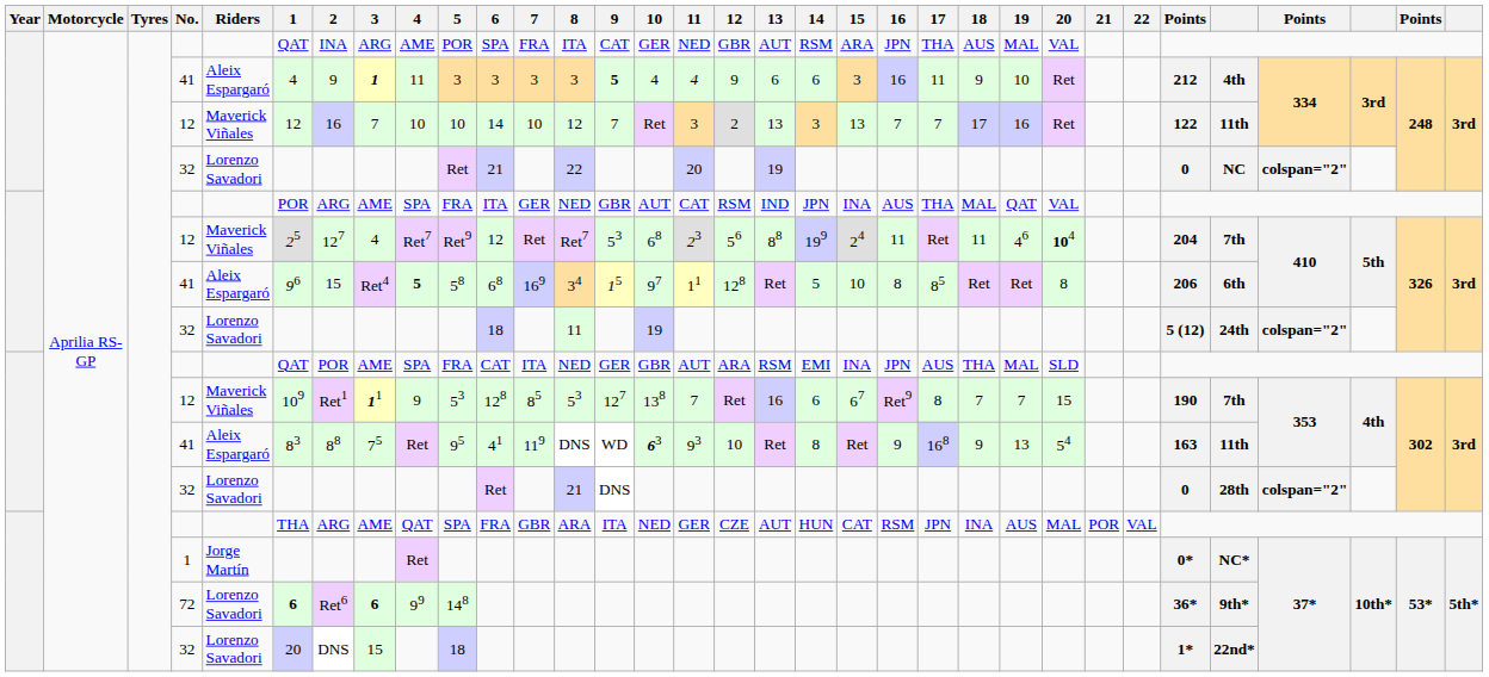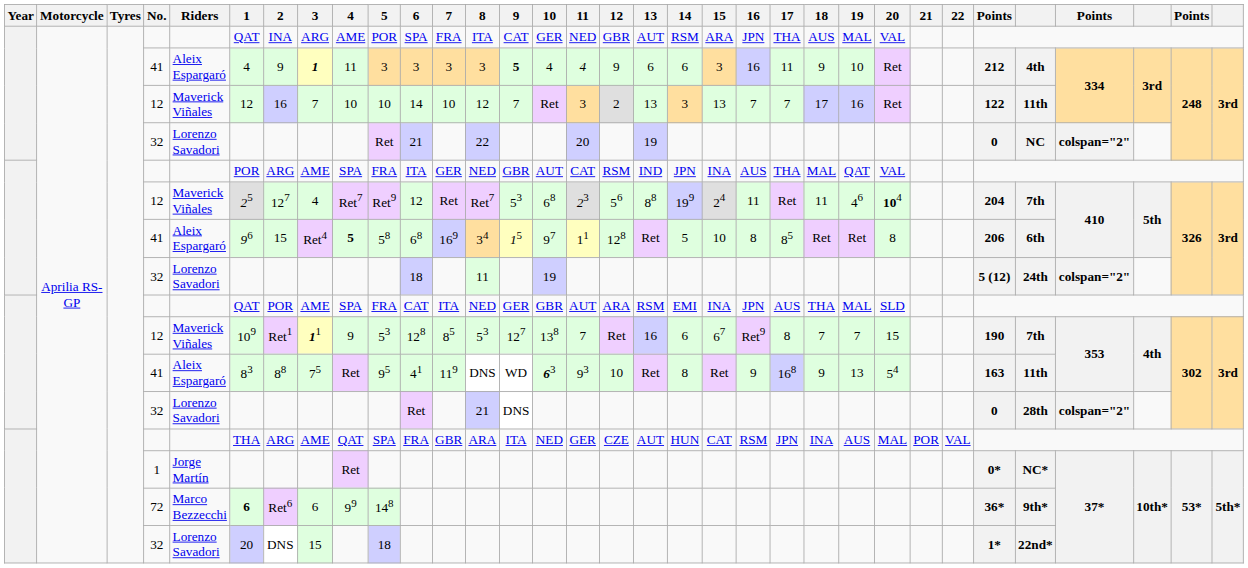 <table class="wikitable" style="text-align:center; font-size:95%;">
 <tr>
 <th>Year</th>
 <th>Motorcycle</th>
 <th>Tyres</th>
 <th>No.</th>
 <th>Riders</th>
 <th>1</th>
 <th>2</th>
 <th>3</th>
 <th>4</th>
 <th>5</th>
 <th>6</th>
 <th>7</th>
 <th>8</th>
 <th>9</th>
 <th>10</th>
 <th>11</th>
 <th>12</th>
 <th>13</th>
 <th>14</th>
 <th>15</th>
 <th>16</th>
 <th>17</th>
 <th>18</th>
 <th>19</th>
 <th>20</th>
 <th>21</th>
 <th>22</th>
 <th>Points</th>
 <th></th>
 <th>Points</th>
 <th></th>
 <th>Points</th>
 <th></th>
 </tr>
 <tr>
 <th rowspan="4"></th>
 <td rowspan="16"><a href='#'>Aprilia RS-GP</a></td>
 <td rowspan="16"></td>
 <td></td>
 <td></td>
 <td><a href='#'>QAT</a></td>
 <td><a href='#'>INA</a></td>
 <td><a href='#'>ARG</a></td>
 <td><a href='#'>AME</a></td>
 <td><a href='#'>POR</a></td>
 <td><a href='#'>SPA</a></td>
 <td><a href='#'>FRA</a></td>
 <td><a href='#'>ITA</a></td>
 <td><a href='#'>CAT</a></td>
 <td><a href='#'>GER</a></td>
 <td><a href='#'>NED</a></td>
 <td><a href='#'>GBR</a></td>
 <td><a href='#'>AUT</a></td>
 <td><a href='#'>RSM</a></td>
 <td><a href='#'>ARA</a></td>
 <td><a href='#'>JPN</a></td>
 <td><a href='#'>THA</a></td>
 <td><a href='#'>AUS</a></td>
 <td><a href='#'>MAL</a></td>
 <td><a href='#'>VAL</a></td>
 <td></td>
 <td></td>
 <td colspan="6"></td>
 </tr>
 <tr>
 <td>41</td>
 <td style="text-align:left;"> <a href='#'>Aleix Espargaró</a></td>
 <td style="background:#DFFFDF;">4</td>
 <td style="background:#DFFFDF;">9</td>
 <td style="background:#FFFFBF;"><strong><em>1</em></strong></td>
 <td style="background:#DFFFDF;">11</td>
 <td style="background:#FFDF9F;">3</td>
 <td style="background:#FFDF9F;">3</td>
 <td style="background:#FFDF9F;">3</td>
 <td style="background:#FFDF9F;">3</td>
 <td style="background:#DFFFDF;"><strong>5</strong></td>
 <td style="background:#DFFFDF;">4</td>
 <td style="background:#DFFFDF;"><em>4</em></td>
 <td style="background:#DFFFDF;">9</td>
 <td style="background:#DFFFDF;">6</td>
 <td style="background:#DFFFDF;">6</td>
 <td style="background:#FFDF9F;">3</td>
 <td style="background:#CFCFFF;">16</td>
 <td style="background:#DFFFDF;">11</td>
 <td style="background:#DFFFDF;">9</td>
 <td style="background:#DFFFDF;">10</td>
 <td style="background:#EFCFFF;">Ret</td>
 <td></td>
 <td></td>
 <th>212</th>
 <th>4th</th>
 <th rowspan="2" style="background:#FFDF9F;">334</th>
 <th rowspan="2" style="background:#FFDF9F;">3rd</th>
 <th rowspan="3" style="background:#FFDF9F;">248</th>
 <th rowspan="3" style="background:#FFDF9F;">3rd</th>
 </tr>
 <tr>
 <td>12</td>
 <td style="text-align:left;"> <a href='#'>Maverick Viñales</a></td>
 <td style="background:#DFFFDF;">12</td>
 <td style="background:#CFCFFF;">16</td>
 <td style="background:#DFFFDF;">7</td>
 <td style="background:#DFFFDF;">10</td>
 <td style="background:#DFFFDF;">10</td>
 <td style="background:#DFFFDF;">14</td>
 <td style="background:#DFFFDF;">10</td>
 <td style="background:#DFFFDF;">12</td>
 <td style="background:#DFFFDF;">7</td>
 <td style="background:#EFCFFF;">Ret</td>
 <td style="background:#FFDF9F;">3</td>
 <td style="background:#DFDFDF;">2</td>
 <td style="background:#DFFFDF;">13</td>
 <td style="background:#FFDF9F;">3</td>
 <td style="background:#DFFFDF;">13</td>
 <td style="background:#DFFFDF;">7</td>
 <td style="background:#DFFFDF;">7</td>
 <td style="background:#CFCFFF;">17</td>
 <td style="background:#CFCFFF;">16</td>
 <td style="background:#EFCFFF;">Ret</td>
 <td></td>
 <td></td>
 <th>122</th>
 <th>11th</th>
 </tr>
 <tr>
 <td>32</td>
 <td style="text-align:left;"> <a href='#'>Lorenzo Savadori</a></td>
 <td></td>
 <td></td>
 <td></td>
 <td></td>
 <td style="background:#EFCFFF;">Ret</td>
 <td style="background:#CFCFFF;">21</td>
 <td></td>
 <td style="background:#CFCFFF;">22</td>
 <td></td>
 <td></td>
 <td style="background:#CFCFFF;">20</td>
 <td></td>
 <td style="background:#CFCFFF;">19</td>
 <td></td>
 <td></td>
 <td></td>
 <td></td>
 <td></td>
 <td></td>
 <td></td>
 <td></td>
 <td></td>
 <th>0</th>
 <th>NC</th>
 <th>colspan="2" </th>
 </tr>
 <tr>
 <th rowspan="4"></th>
 <td></td>
 <td></td>
 <td><a href='#'>POR</a></td>
 <td><a href='#'>ARG</a></td>
 <td><a href='#'>AME</a></td>
 <td><a href='#'>SPA</a></td>
 <td><a href='#'>FRA</a></td>
 <td><a href='#'>ITA</a></td>
 <td><a href='#'>GER</a></td>
 <td><a href='#'>NED</a></td>
 <td><a href='#'>GBR</a></td>
 <td><a href='#'>AUT</a></td>
 <td><a href='#'>CAT</a></td>
 <td><a href='#'>RSM</a></td>
 <td><a href='#'>IND</a></td>
 <td><a href='#'>JPN</a></td>
 <td><a href='#'>INA</a></td>
 <td><a href='#'>AUS</a></td>
 <td><a href='#'>THA</a></td>
 <td><a href='#'>MAL</a></td>
 <td><a href='#'>QAT</a></td>
 <td><a href='#'>VAL</a></td>
 <td></td>
 <td></td>
 <td colspan="6"></td>
 </tr>
 <tr>
 <td>12</td>
 <td style="text-align:left;"> <a href='#'>Maverick Viñales</a></td>
 <td style="background:#DFDFDF;"><em>2</em><sup>5</sup></td>
 <td style="background:#DFFFDF;">12<sup>7</sup></td>
 <td style="background:#DFFFDF;">4</td>
 <td style="background:#EFCFFF;">Ret<sup>7</sup></td>
 <td style="background:#EFCFFF;">Ret<sup>9</sup></td>
 <td style="background:#DFFFDF;">12</td>
 <td style="background:#EFCFFF;">Ret</td>
 <td style="background:#EFCFFF;">Ret<sup>7</sup></td>
 <td style="background:#DFFFDF;">5<sup>3</sup></td>
 <td style="background:#DFFFDF;">6<sup>8</sup></td>
 <td style="background:#DFDFDF;"><em>2</em><sup>3</sup></td>
 <td style="background:#DFFFDF;">5<sup>6</sup></td>
 <td style="background:#DFFFDF;">8<sup>8</sup></td>
 <td style="background:#CFCFFF;">19<sup>9</sup></td>
 <td style="background:#DFDFDF;">2<sup>4</sup></td>
 <td style="background:#DFFFDF;">11</td>
 <td style="background:#EFCFFF;">Ret</td>
 <td style="background:#DFFFDF;">11</td>
 <td style="background:#DFFFDF;">4<sup>6</sup></td>
 <td style="background:#DFFFDF;"><strong>10</strong><sup>4</sup></td>
 <td></td>
 <td></td>
 <th>204</th>
 <th>7th</th>
 <th rowspan="2">410</th>
 <th rowspan="2">5th</th>
 <th rowspan="3" style="background:#FFDF9F;">326</th>
 <th rowspan="3" style="background:#FFDF9F;">3rd</th>
 </tr>
 <tr>
 <td>41</td>
 <td style="text-align:left;"> <a href='#'>Aleix Espargaró</a></td>
 <td style="background:#DFFFDF;"><em>9</em><sup>6</sup></td>
 <td style="background:#DFFFDF;">15</td>
 <td style="background:#EFCFFF;">Ret<sup>4</sup></td>
 <td style="background:#DFFFDF;"><strong>5</strong></td>
 <td style="background:#DFFFDF;">5<sup>8</sup></td>
 <td style="background:#DFFFDF;">6<sup>8</sup></td>
 <td style="background:#CFCFFF;">16<sup>9</sup></td>
 <td style="background:#FFDF9F;">3<sup>4</sup></td>
 <td style="background:#FFFFBF;"><em>1</em><sup>5</sup></td>
 <td style="background:#DFFFDF;">9<sup>7</sup></td>
 <td style="background:#FFFFBF;">1<sup>1</sup></td>
 <td style="background:#DFFFDF;">12<sup>8</sup></td>
 <td style="background:#EFCFFF;">Ret</td>
 <td style="background:#DFFFDF;">5</td>
 <td style="background:#DFFFDF;">10</td>
 <td style="background:#DFFFDF;">8</td>
 <td style="background:#DFFFDF;">8<sup>5</sup></td>
 <td style="background:#EFCFFF;">Ret</td>
 <td style="background:#EFCFFF;">Ret</td>
 <td style="background:#DFFFDF;">8</td>
 <td></td>
 <td></td>
 <th>206</th>
 <th>6th</th>
 </tr>
 <tr>
 <td>32</td>
 <td style="text-align:left;"> <a href='#'>Lorenzo Savadori</a></td>
 <td></td>
 <td></td>
 <td></td>
 <td></td>
 <td></td>
 <td style="background:#CFCFFF;">18</td>
 <td></td>
 <td style="background:#DFFFDF;">11</td>
 <td></td>
 <td style="background:#CFCFFF;">19</td>
 <td></td>
 <td></td>
 <td></td>
 <td></td>
 <td></td>
 <td></td>
 <td></td>
 <td></td>
 <td></td>
 <td></td>
 <td></td>
 <td></td>
 <th>5 (12)</th>
 <th>24th</th>
 <th>colspan="2" </th>
 </tr>
 <tr>
 <th rowspan="4"></th>
 <td></td>
 <td></td>
 <td><a href='#'>QAT</a></td>
 <td><a href='#'>POR</a></td>
 <td><a href='#'>AME</a></td>
 <td><a href='#'>SPA</a></td>
 <td><a href='#'>FRA</a></td>
 <td><a href='#'>CAT</a></td>
 <td><a href='#'>ITA</a></td>
 <td><a href='#'>NED</a></td>
 <td><a href='#'>GER</a></td>
 <td><a href='#'>GBR</a></td>
 <td><a href='#'>AUT</a></td>
 <td><a href='#'>ARA</a></td>
 <td><a href='#'>RSM</a></td>
 <td><a href='#'>EMI</a></td>
 <td><a href='#'>INA</a></td>
 <td><a href='#'>JPN</a></td>
 <td><a href='#'>AUS</a></td>
 <td><a href='#'>THA</a></td>
 <td><a href='#'>MAL</a></td>
 <td><a href='#'>SLD</a></td>
 <td></td>
 <td></td>
 <td colspan="6"></td>
 </tr>
 <tr>
 <td>12</td>
 <td style="text-align:left;"> <a href='#'>Maverick Viñales</a></td>
 <td style="background:#DFFFDF;">10<sup>9</sup></td>
 <td style="background:#EFCFFF;">Ret<sup>1</sup></td>
 <td style="background:#FFFFBF;"><strong><em>1</em></strong><sup>1</sup></td>
 <td style="background:#DFFFDF;">9</td>
 <td style="background:#DFFFDF;">5<sup>3</sup></td>
 <td style="background:#DFFFDF;">12<sup>8</sup></td>
 <td style="background:#DFFFDF;">8<sup>5</sup></td>
 <td style="background:#DFFFDF;">5<sup>3</sup></td>
 <td style="background:#DFFFDF;">12<sup>7</sup></td>
 <td style="background:#DFFFDF;">13<sup>8</sup></td>
 <td style="background:#DFFFDF;">7</td>
 <td style="background:#EFCFFF;">Ret</td>
 <td style="background:#CFCFFF;">16</td>
 <td style="background:#DFFFDF;">6</td>
 <td style="background:#DFFFDF;">6<sup>7</sup></td>
 <td style="background:#EFCFFF;">Ret<sup>9</sup></td>
 <td style="background:#DFFFDF;">8</td>
 <td style="background:#DFFFDF;">7</td>
 <td style="background:#DFFFDF;">7</td>
 <td style="background:#DFFFDF;">15</td>
 <td></td>
 <td></td>
 <th>190</th>
 <th>7th</th>
 <th rowspan="2">353</th>
 <th rowspan="2">4th</th>
 <th rowspan="3" style="background:#FFDF9F;">302</th>
 <th rowspan="3" style="background:#FFDF9F;">3rd</th>
 </tr>
 <tr>
 <td>41</td>
 <td style="text-align:left;"> <a href='#'>Aleix Espargaró</a></td>
 <td style="background:#DFFFDF;">8<sup>3</sup></td>
 <td style="background:#DFFFDF;">8<sup>8</sup></td>
 <td style="background:#DFFFDF;">7<sup>5</sup></td>
 <td style="background:#EFCFFF;">Ret</td>
 <td style="background:#DFFFDF;">9<sup>5</sup></td>
 <td style="background:#DFFFDF;">4<sup>1</sup></td>
 <td style="background:#DFFFDF;">11<sup>9</sup></td>
 <td style="background:#FFFFFF;">DNS</td>
 <td style="background:#FFFFFF;">WD</td>
 <td style="background:#DFFFDF;"><strong><em>6</em></strong><sup>3</sup></td>
 <td style="background:#DFFFDF;">9<sup>3</sup></td>
 <td style="background:#DFFFDF;">10</td>
 <td style="background:#EFCFFF;">Ret</td>
 <td style="background:#DFFFDF;">8</td>
 <td style="background:#EFCFFF;">Ret</td>
 <td style="background:#DFFFDF;">9</td>
 <td style="background:#CFCFFF;">16<sup>8</sup></td>
 <td style="background:#DFFFDF;">9</td>
 <td style="background:#DFFFDF;">13</td>
 <td style="background:#DFFFDF;">5<sup>4</sup></td>
 <td></td>
 <td></td>
 <th>163</th>
 <th>11th</th>
 </tr>
 <tr>
 <td>32</td>
 <td style="text-align:left;"> <a href='#'>Lorenzo Savadori</a></td>
 <td></td>
 <td></td>
 <td></td>
 <td></td>
 <td></td>
 <td style="background:#EFCFFF;">Ret</td>
 <td></td>
 <td style="background:#CFCFFF;">21</td>
 <td style="background:#FFFFFF;">DNS</td>
 <td></td>
 <td></td>
 <td></td>
 <td></td>
 <td></td>
 <td></td>
 <td></td>
 <td></td>
 <td></td>
 <td></td>
 <td></td>
 <td></td>
 <td></td>
 <th>0</th>
 <th>28th</th>
 <th>colspan="2" </th>
 </tr>
 <tr>
 <th rowspan="4"></th>
 <td></td>
 <td></td>
 <td><a href='#'>THA</a></td>
 <td><a href='#'>ARG</a></td>
 <td><a href='#'>AME</a></td>
 <td><a href='#'>QAT</a></td>
 <td><a href='#'>SPA</a></td>
 <td><a href='#'>FRA</a></td>
 <td><a href='#'>GBR</a></td>
 <td><a href='#'>ARA</a></td>
 <td><a href='#'>ITA</a></td>
 <td><a href='#'>NED</a></td>
 <td><a href='#'>GER</a></td>
 <td><a href='#'>CZE</a></td>
 <td><a href='#'>AUT</a></td>
 <td><a href='#'>HUN</a></td>
 <td><a href='#'>CAT</a></td>
 <td><a href='#'>RSM</a></td>
 <td><a href='#'>JPN</a></td>
 <td><a href='#'>INA</a></td>
 <td><a href='#'>AUS</a></td>
 <td><a href='#'>MAL</a></td>
 <td><a href='#'>POR</a></td>
 <td><a href='#'>VAL</a></td>
 <td colspan="6"></td>
 </tr>
 <tr>
 <td>1</td>
 <td style="text-align:left;"> <a href='#'>Jorge Martín</a></td>
 <td></td>
 <td></td>
 <td></td>
 <td style="background:#EFCFFF;">Ret</td>
 <td></td>
 <td style="background:#;"></td>
 <td style="background:#;"></td>
 <td style="background:#;"></td>
 <td style="background:#;"></td>
 <td style="background:#;"></td>
 <td style="background:#;"></td>
 <td style="background:#;"></td>
 <td style="background:#;"></td>
 <td style="background:#;"></td>
 <td style="background:#;"></td>
 <td style="background:#;"></td>
 <td style="background:#;"></td>
 <td style="background:#;"></td>
 <td style="background:#;"></td>
 <td style="background:#;"></td>
 <td style="background:#;"></td>
 <td style="background:#;"></td>
 <th>0*</th>
 <th>NC*</th>
 <th rowspan="3">37*</th>
 <th rowspan="3">10th*</th>
 <th style="background:#;" rowspan="3">53*</th>
 <th style="background:#;" rowspan="3">5th*</th>
 </tr>
 <tr>
 <td>72</td>
-<td style="text-align:left;"> <a href='#'>Lorenzo Savadori</a></td>
+<td style="text-align:left;"> <a href='#'>Marco Bezzecchi</a></td>
 <td style="background:#DFFFDF;"><strong>6</strong></td>
 <td style="background:#EFCFFF;">Ret<sup>6</sup></td>
-<td style="background:#DFFFDF;"><strong>6</strong></td>
+<td style="background:#DFFFDF;">6</td>
 <td style="background:#DFFFDF;">9<sup>9</sup></td>
 <td style="background:#DFFFDF;">14<sup>8</sup></td>
 <td style="background:#;"></td>
 <td style="background:#;"></td>
 <td style="background:#;"></td>
 <td style="background:#;"></td>
 <td style="background:#;"></td>
 <td style="background:#;"></td>
 <td style="background:#;"></td>
 <td style="background:#;"></td>
 <td style="background:#;"></td>
 <td style="background:#;"></td>
 <td style="background:#;"></td>
 <td style="background:#;"></td>
 <td style="background:#;"></td>
 <td style="background:#;"></td>
 <td style="background:#;"></td>
 <td style="background:#;"></td>
 <td style="background:#;"></td>
 <th>36*</th>
 <th>9th*</th>
 </tr>
 <tr>
 <td>32</td>
 <td style="text-align:left;"> <a href='#'>Lorenzo Savadori</a></td>
 <td style="background:#CFCFFF;">20</td>
 <td style="background:#FFFFFF;">DNS</td>
 <td style="background:#DFFFDF;">15</td>
 <td></td>
 <td style="background:#CFCFFF;">18</td>
 <td></td>
 <td></td>
 <td></td>
 <td></td>
 <td></td>
 <td></td>
 <td></td>
 <td></td>
 <td></td>
 <td></td>
 <td></td>
 <td></td>
 <td></td>
 <td></td>
 <td></td>
 <td></td>
 <td></td>
 <th>1*</th>
 <th>22nd*</th>
 </tr>
 </table>
